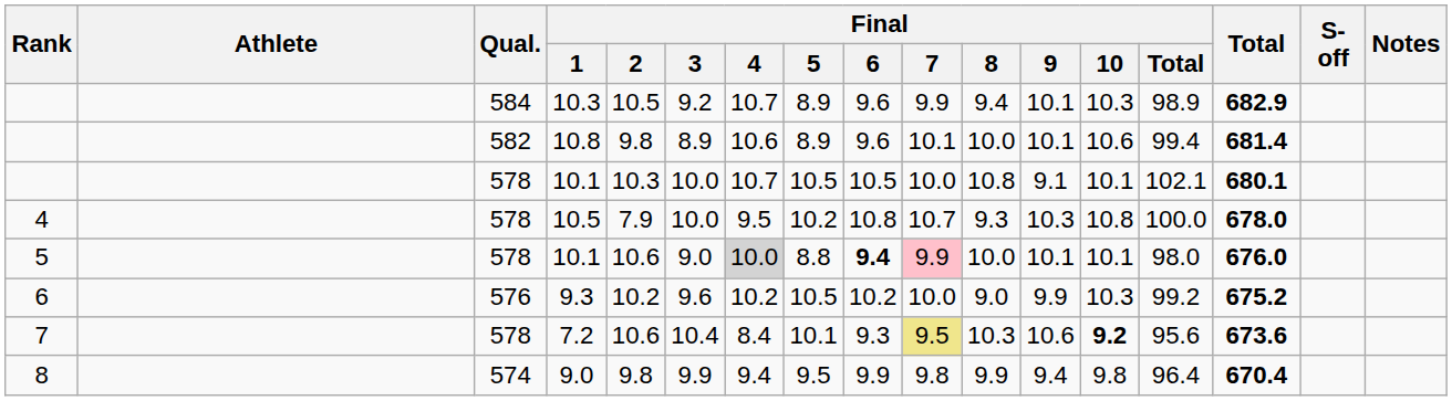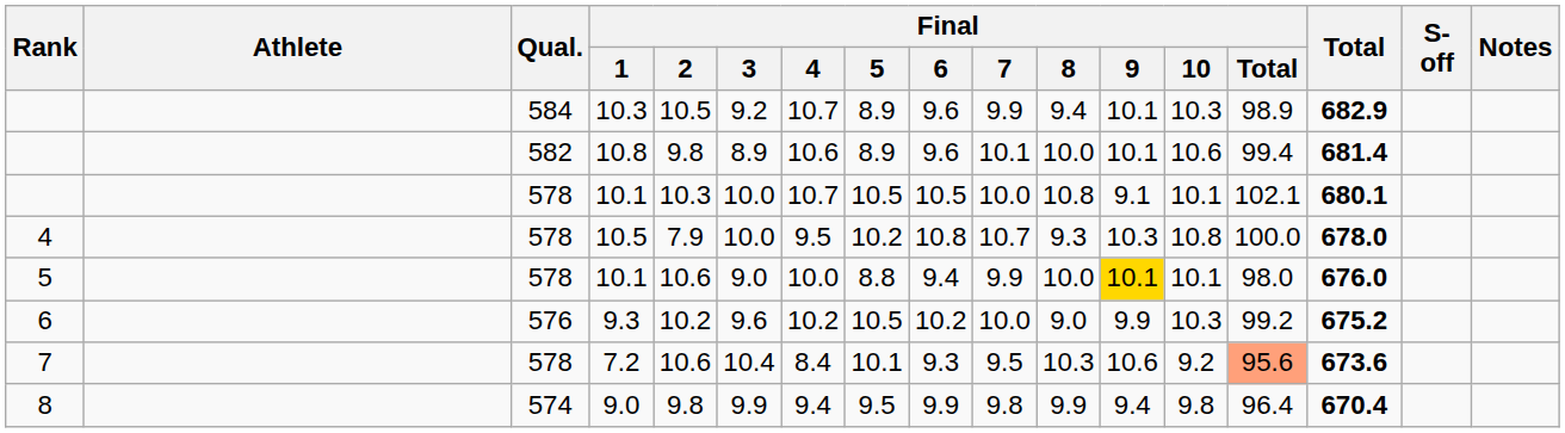 <table class="wikitable" style="text-align:center">
 <tr>
 <th rowspan=2 width=40>Rank</th>
 <th rowspan=2 width=250>Athlete</th>
 <th rowspan=2 width=40>Qual.</th>
 <th colspan=11>Final</th>
 <th rowspan=2 width=50>Total</th>
 <th rowspan=2 width=35>S-off</th>
 <th rowspan=2 width=45>Notes</th>
 </tr>
 <tr>
 <th width=30>1</th>
 <th width=30>2</th>
 <th width=30>3</th>
 <th width=30>4</th>
 <th width=30>5</th>
 <th width=30>6</th>
 <th width=30>7</th>
 <th width=30>8</th>
 <th width=30>9</th>
 <th width=30>10</th>
 <th width=40>Total</th>
 </tr>
 <tr>
 <td></td>
 <td align=left></td>
 <td>584</td>
 <td>10.3</td>
 <td>10.5</td>
 <td>9.2</td>
 <td>10.7</td>
 <td>8.9</td>
 <td>9.6</td>
 <td>9.9</td>
 <td>9.4</td>
 <td>10.1</td>
 <td>10.3</td>
 <td>98.9</td>
 <td><strong>682.9</strong></td>
 <td></td>
 <td></td>
 </tr>
 <tr>
 <td></td>
 <td align=left></td>
 <td>582</td>
 <td>10.8</td>
 <td>9.8</td>
 <td>8.9</td>
 <td>10.6</td>
 <td>8.9</td>
 <td>9.6</td>
 <td>10.1</td>
 <td>10.0</td>
 <td>10.1</td>
 <td>10.6</td>
 <td>99.4</td>
 <td><strong>681.4</strong></td>
 <td></td>
 <td></td>
 </tr>
 <tr>
 <td></td>
 <td align=left></td>
 <td>578</td>
 <td>10.1</td>
 <td>10.3</td>
 <td>10.0</td>
 <td>10.7</td>
 <td>10.5</td>
 <td>10.5</td>
 <td>10.0</td>
 <td>10.8</td>
 <td>9.1</td>
 <td>10.1</td>
 <td>102.1</td>
 <td><strong>680.1</strong></td>
 <td></td>
 <td></td>
 </tr>
 <tr>
 <td>4</td>
 <td align=left></td>
 <td>578</td>
 <td>10.5</td>
 <td>7.9</td>
 <td>10.0</td>
 <td>9.5</td>
 <td>10.2</td>
 <td>10.8</td>
 <td>10.7</td>
 <td>9.3</td>
 <td>10.3</td>
 <td>10.8</td>
 <td>100.0</td>
 <td><strong>678.0</strong></td>
 <td></td>
 <td></td>
 </tr>
 <tr>
 <td>5</td>
 <td align=left></td>
 <td>578</td>
 <td>10.1</td>
 <td>10.6</td>
 <td>9.0</td>
-<td style="background: lightgrey;">10.0</td>
+<td>10.0</td>
 <td>8.8</td>
-<td><strong>9.4</strong></td>
-<td style="background: pink;">9.9</td>
+<td>9.4</td>
+<td>9.9</td>
 <td>10.0</td>
-<td>10.1</td>
+<td style="background: gold;">10.1</td>
 <td>10.1</td>
 <td>98.0</td>
 <td><strong>676.0</strong></td>
 <td></td>
 <td></td>
 </tr>
 <tr>
 <td>6</td>
 <td align=left></td>
 <td>576</td>
 <td>9.3</td>
 <td>10.2</td>
 <td>9.6</td>
 <td>10.2</td>
 <td>10.5</td>
 <td>10.2</td>
 <td>10.0</td>
 <td>9.0</td>
 <td>9.9</td>
 <td>10.3</td>
 <td>99.2</td>
 <td><strong>675.2</strong></td>
 <td></td>
 <td></td>
 </tr>
 <tr>
 <td>7</td>
 <td align=left></td>
 <td>578</td>
 <td>7.2</td>
 <td>10.6</td>
 <td>10.4</td>
 <td>8.4</td>
 <td>10.1</td>
 <td>9.3</td>
-<td style="background: khaki;">9.5</td>
+<td>9.5</td>
 <td>10.3</td>
 <td>10.6</td>
-<td><strong>9.2</strong></td>
-<td>95.6</td>
+<td>9.2</td>
+<td style="background: lightsalmon;">95.6</td>
 <td><strong>673.6</strong></td>
 <td></td>
 <td></td>
 </tr>
 <tr>
 <td>8</td>
 <td align=left></td>
 <td>574</td>
 <td>9.0</td>
 <td>9.8</td>
 <td>9.9</td>
 <td>9.4</td>
 <td>9.5</td>
 <td>9.9</td>
 <td>9.8</td>
 <td>9.9</td>
 <td>9.4</td>
 <td>9.8</td>
 <td>96.4</td>
 <td><strong>670.4</strong></td>
 <td></td>
 <td></td>
 </tr>
 </table>
